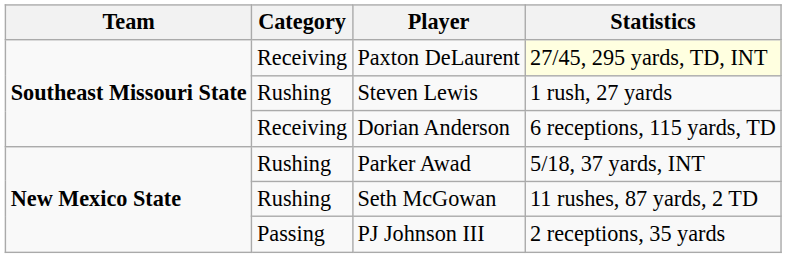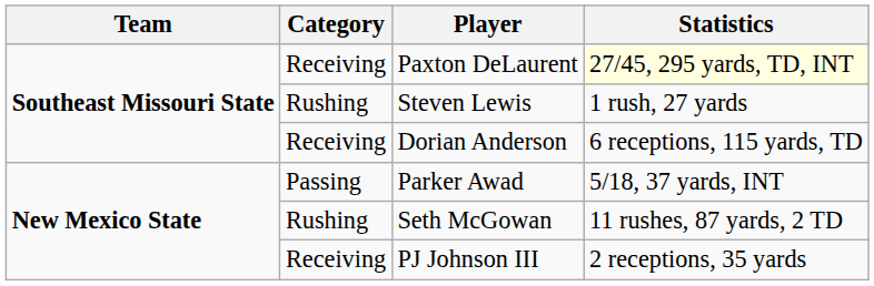 <table class="wikitable" style="float: right;">
 <tr>
 <th>Team</th>
 <th>Category</th>
 <th>Player</th>
 <th>Statistics</th>
 </tr>
 <tr>
 <td rowspan=3><strong>Southeast Missouri State</strong></td>
 <td>Receiving</td>
 <td>Paxton DeLaurent</td>
 <td style="background: lightyellow;">27/45, 295 yards, TD, INT</td>
 </tr>
 <tr>
 <td>Rushing</td>
 <td>Steven Lewis</td>
 <td>1 rush, 27 yards</td>
 </tr>
 <tr>
 <td>Receiving</td>
 <td>Dorian Anderson</td>
 <td>6 receptions, 115 yards, TD</td>
 </tr>
 <tr>
 <td rowspan=3><strong>New Mexico State</strong></td>
-<td>Rushing</td>
+<td>Passing</td>
 <td>Parker Awad</td>
 <td>5/18, 37 yards, INT</td>
 </tr>
 <tr>
 <td>Rushing</td>
 <td>Seth McGowan</td>
 <td>11 rushes, 87 yards, 2 TD</td>
 </tr>
 <tr>
-<td>Passing</td>
+<td>Receiving</td>
 <td>PJ Johnson III</td>
 <td>2 receptions, 35 yards</td>
 </tr>
 </table>
